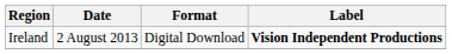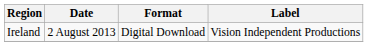 <table class=wikitable>
 <tr>
 <th>Region</th>
 <th>Date</th>
 <th>Format</th>
 <th>Label</th>
 </tr>
 <tr>
 <td>Ireland</td>
 <td>2 August 2013</td>
 <td>Digital Download</td>
-<td><strong>Vision Independent Productions</strong></td>
+<td>Vision Independent Productions</td>
 </tr>
 <tr>
 </tr>
 </table>
